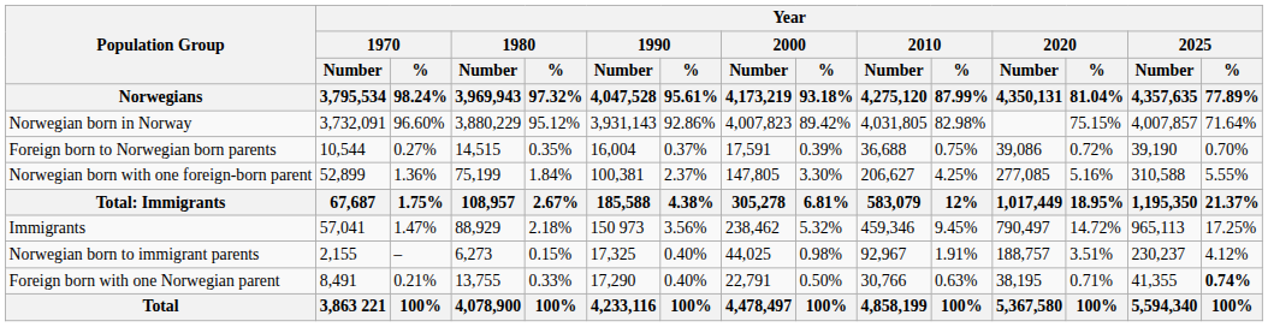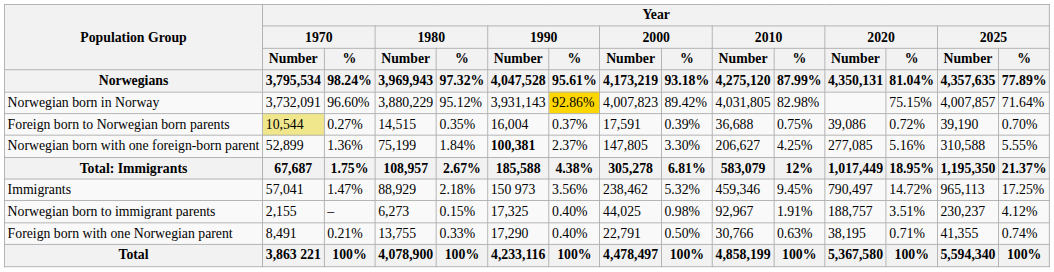 <table class="wikitable">
 <tr>
 <th rowspan="3">Population Group</th>
 <th colspan="14">Year</th>
 </tr>
 <tr>
 <th colspan="2">1970</th>
 <th colspan="2">1980</th>
 <th colspan="2">1990</th>
 <th colspan="2">2000</th>
 <th colspan="2">2010</th>
 <th colspan="2">2020</th>
 <th colspan="2">2025</th>
 </tr>
 <tr>
 <th>Number</th>
 <th>%</th>
 <th>Number</th>
 <th>%</th>
 <th>Number</th>
 <th>%</th>
 <th>Number</th>
 <th>%</th>
 <th>Number</th>
 <th>%</th>
 <th>Number</th>
 <th>%</th>
 <th>Number</th>
 <th>%</th>
 </tr>
 <tr>
 <th> Norwegians</th>
 <th>3,795,534</th>
 <th>98.24%</th>
 <th>3,969,943</th>
 <th>97.32%</th>
 <th>4,047,528</th>
 <th>95.61%</th>
 <th>4,173,219</th>
 <th>93.18%</th>
 <th>4,275,120</th>
 <th>87.99%</th>
 <th>4,350,131</th>
 <th>81.04%</th>
 <th>4,357,635</th>
 <th>77.89%</th>
 </tr>
 <tr>
 <td>Norwegian born in Norway</td>
 <td>3,732,091</td>
 <td>96.60%</td>
 <td>3,880,229</td>
 <td>95.12%</td>
 <td>3,931,143</td>
-<td>92.86%</td>
+<td style="background: gold;">92.86%</td>
 <td>4,007,823</td>
 <td>89.42%</td>
 <td>4,031,805</td>
 <td>82.98%</td>
 <td></td>
 <td>75.15%</td>
 <td>4,007,857</td>
 <td>71.64%</td>
 </tr>
 <tr>
 <td>Foreign born to Norwegian born parents</td>
-<td>10,544</td>
+<td style="background: khaki;">10,544</td>
 <td>0.27%</td>
 <td>14,515</td>
 <td>0.35%</td>
 <td>16,004</td>
 <td>0.37%</td>
 <td>17,591</td>
 <td>0.39%</td>
 <td>36,688</td>
 <td>0.75%</td>
 <td>39,086</td>
 <td>0.72%</td>
 <td>39,190</td>
 <td>0.70%</td>
 </tr>
 <tr>
 <td>Norwegian born with one foreign-born parent</td>
 <td>52,899</td>
 <td>1.36%</td>
 <td>75,199</td>
 <td>1.84%</td>
-<td>100,381</td>
+<td><strong>100,381</strong></td>
 <td>2.37%</td>
 <td>147,805</td>
 <td>3.30%</td>
 <td>206,627</td>
 <td>4.25%</td>
 <td>277,085</td>
 <td>5.16%</td>
 <td>310,588</td>
 <td>5.55%</td>
 </tr>
 <tr>
 <th>Total: Immigrants</th>
 <th>67,687</th>
 <th>1.75%</th>
 <th>108,957</th>
 <th>2.67%</th>
 <th>185,588</th>
 <th>4.38%</th>
 <th>305,278</th>
 <th>6.81%</th>
 <th>583,079</th>
 <th>12%</th>
 <th>1,017,449</th>
 <th>18.95%</th>
 <th>1,195,350</th>
 <th>21.37%</th>
 </tr>
 <tr>
 <td>Immigrants</td>
 <td>57,041</td>
 <td>1.47%</td>
 <td>88,929</td>
 <td>2.18%</td>
 <td>150 973</td>
 <td>3.56%</td>
 <td>238,462</td>
 <td>5.32%</td>
 <td>459,346</td>
 <td>9.45%</td>
 <td>790,497</td>
 <td>14.72%</td>
 <td>965,113</td>
 <td>17.25%</td>
 </tr>
 <tr>
 <td>Norwegian born to immigrant parents</td>
 <td>2,155</td>
 <td>–</td>
 <td>6,273</td>
 <td>0.15%</td>
 <td>17,325</td>
 <td>0.40%</td>
 <td>44,025</td>
 <td>0.98%</td>
 <td>92,967</td>
 <td>1.91%</td>
 <td>188,757</td>
 <td>3.51%</td>
 <td>230,237</td>
 <td>4.12%</td>
 </tr>
 <tr>
 <td>Foreign born with one Norwegian parent</td>
 <td>8,491</td>
 <td>0.21%</td>
 <td>13,755</td>
 <td>0.33%</td>
 <td>17,290</td>
 <td>0.40%</td>
 <td>22,791</td>
 <td>0.50%</td>
 <td>30,766</td>
 <td>0.63%</td>
 <td>38,195</td>
 <td>0.71%</td>
 <td>41,355</td>
-<td><strong>0.74%</strong></td>
+<td>0.74%</td>
 </tr>
 <tr>
 <th>Total</th>
 <th>3,863 221</th>
 <th>100%</th>
 <th>4,078,900</th>
 <th>100%</th>
 <th>4,233,116</th>
 <th>100%</th>
 <th>4,478,497</th>
 <th>100%</th>
 <th>4,858,199</th>
 <th>100%</th>
 <th>5,367,580</th>
 <th>100%</th>
 <th>5,594,340</th>
 <th>100%</th>
 </tr>
 </table>
